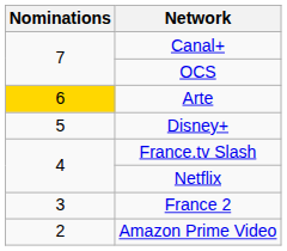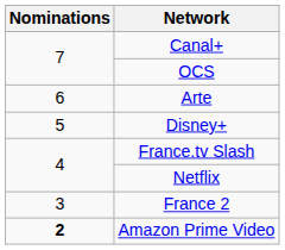 <table class="wikitable sortable" style="text-align: center; max-width:20em">
 <tr>
 <th scope="col">Nominations</th>
 <th scope="col">Network</th>
 </tr>
 <tr>
 <td scope="row" rowspan="2">7</td>
 <td><a href='#'>Canal+</a></td>
 </tr>
 <tr>
 <td><a href='#'>OCS</a></td>
 </tr>
 <tr>
-<td scope="row" rowspan="1" style="background: gold;">6</td>
+<td scope="row" rowspan="1">6</td>
 <td><a href='#'>Arte</a></td>
 </tr>
 <tr>
 <td scope="row" rowspan="1">5</td>
 <td><a href='#'>Disney+</a></td>
 </tr>
 <tr>
 <td scope="row" rowspan="2">4</td>
 <td><a href='#'>France.tv Slash</a></td>
 </tr>
 <tr>
 <td><a href='#'>Netflix</a></td>
 </tr>
 <tr>
 <td scope="row" rowspan="1">3</td>
 <td><a href='#'>France 2</a></td>
 </tr>
 <tr>
-<td scope="row" rowspan="1">2</td>
+<td scope="row" rowspan="1"><strong>2</strong></td>
 <td><a href='#'>Amazon Prime Video</a></td>
 </tr>
 </table>
